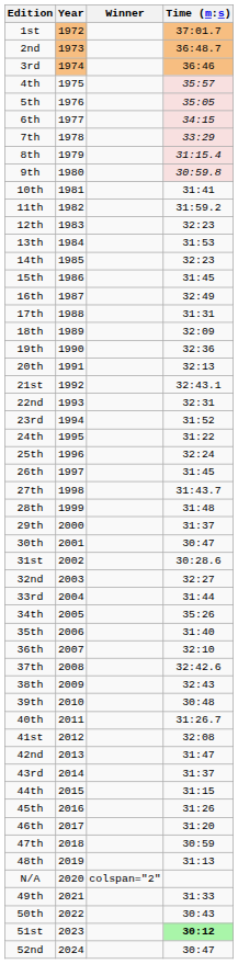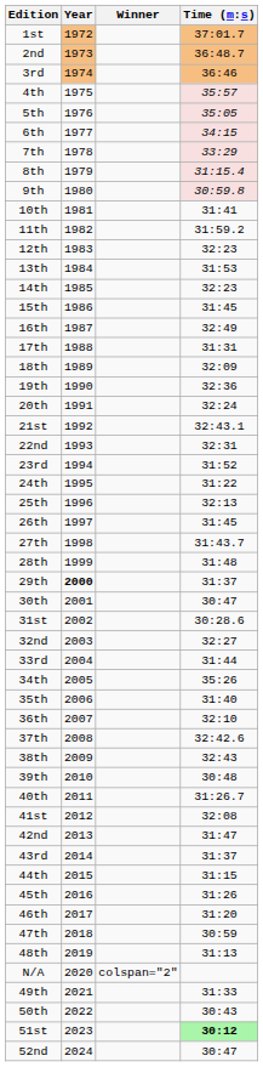 <table class="wikitable sortable" style="text-align:center">
 <tr>
 <th class=unsortable>Edition</th>
 <th>Year</th>
 <th class=unsortable>Winner</th>
 <th>Time (<a href='#'>m</a>:<a href='#'>s</a>)</th>
 </tr>
 <tr>
 <td>1st</td>
 <td bgcolor=#F7BE81>1972</td>
 <td align=left></td>
 <td bgcolor=#F7BE81>37:01.7</td>
 </tr>
 <tr>
 <td>2nd</td>
 <td bgcolor=#F7BE81>1973</td>
 <td align=left></td>
 <td bgcolor=#F7BE81>36:48.7</td>
 </tr>
 <tr>
 <td>3rd</td>
 <td bgcolor=#F7BE81>1974</td>
 <td align=left></td>
 <td bgcolor=#F7BE81>36:46</td>
 </tr>
 <tr>
 <td>4th</td>
 <td>1975</td>
 <td align=left></td>
 <td bgcolor=#F8E0E0><em>35:57</em></td>
 </tr>
 <tr>
 <td>5th</td>
 <td>1976</td>
 <td align=left></td>
 <td bgcolor=#F8E0E0><em>35:05</em></td>
 </tr>
 <tr>
 <td>6th</td>
 <td>1977</td>
 <td align=left></td>
 <td bgcolor=#F8E0E0><em>34:15</em></td>
 </tr>
 <tr>
 <td>7th</td>
 <td>1978</td>
 <td align=left></td>
 <td bgcolor=#F8E0E0><em>33:29</em></td>
 </tr>
 <tr>
 <td>8th</td>
 <td>1979</td>
 <td align=left></td>
 <td bgcolor=#F8E0E0><em>31:15.4</em></td>
 </tr>
 <tr>
 <td>9th</td>
 <td>1980</td>
 <td align=left></td>
 <td bgcolor=#F8E0E0><em>30:59.8</em></td>
 </tr>
 <tr>
 <td>10th</td>
 <td>1981</td>
 <td align=left></td>
 <td>31:41</td>
 </tr>
 <tr>
 <td>11th</td>
 <td>1982</td>
 <td align=left></td>
 <td>31:59.2</td>
 </tr>
 <tr>
 <td>12th</td>
 <td>1983</td>
 <td align=left></td>
 <td>32:23</td>
 </tr>
 <tr>
 <td>13th</td>
 <td>1984</td>
 <td align=left></td>
 <td>31:53</td>
 </tr>
 <tr>
 <td>14th</td>
 <td>1985</td>
 <td align=left></td>
 <td>32:23</td>
 </tr>
 <tr>
 <td>15th</td>
 <td>1986</td>
 <td align=left></td>
 <td>31:45</td>
 </tr>
 <tr>
 <td>16th</td>
 <td>1987</td>
 <td align=left></td>
 <td>32:49</td>
 </tr>
 <tr>
 <td>17th</td>
 <td>1988</td>
 <td align=left></td>
 <td>31:31</td>
 </tr>
 <tr>
 <td>18th</td>
 <td>1989</td>
 <td align=left></td>
 <td>32:09</td>
 </tr>
 <tr>
 <td>19th</td>
 <td>1990</td>
 <td align=left></td>
 <td>32:36</td>
 </tr>
 <tr>
 <td>20th</td>
 <td>1991</td>
 <td align=left></td>
-<td>32:13</td>
+<td>32:24</td>
 </tr>
 <tr>
 <td>21st</td>
 <td>1992</td>
 <td align=left></td>
 <td>32:43.1</td>
 </tr>
 <tr>
 <td>22nd</td>
 <td>1993</td>
 <td align=left></td>
 <td>32:31</td>
 </tr>
 <tr>
 <td>23rd</td>
 <td>1994</td>
 <td align=left></td>
 <td>31:52</td>
 </tr>
 <tr>
 <td>24th</td>
 <td>1995</td>
 <td align=left></td>
 <td>31:22</td>
 </tr>
 <tr>
 <td>25th</td>
 <td>1996</td>
 <td align=left></td>
-<td>32:24</td>
+<td>32:13</td>
 </tr>
 <tr>
 <td>26th</td>
 <td>1997</td>
 <td align=left></td>
 <td>31:45</td>
 </tr>
 <tr>
 <td>27th</td>
 <td>1998</td>
 <td align=left></td>
 <td>31:43.7</td>
 </tr>
 <tr>
 <td>28th</td>
 <td>1999</td>
 <td align=left></td>
 <td>31:48</td>
 </tr>
 <tr>
 <td>29th</td>
-<td>2000</td>
+<td><strong>2000</strong></td>
 <td align=left></td>
 <td>31:37</td>
 </tr>
 <tr>
 <td>30th</td>
 <td>2001</td>
 <td align=left></td>
 <td>30:47</td>
 </tr>
 <tr>
 <td>31st</td>
 <td>2002</td>
 <td align=left></td>
 <td>30:28.6</td>
 </tr>
 <tr>
 <td>32nd</td>
 <td>2003</td>
 <td align=left></td>
 <td>32:27</td>
 </tr>
 <tr>
 <td>33rd</td>
 <td>2004</td>
 <td align=left></td>
 <td>31:44</td>
 </tr>
 <tr>
 <td>34th</td>
 <td>2005</td>
 <td align=left></td>
 <td>35:26</td>
 </tr>
 <tr>
 <td>35th</td>
 <td>2006</td>
 <td align=left></td>
 <td>31:40</td>
 </tr>
 <tr>
 <td>36th</td>
 <td>2007</td>
 <td align=left></td>
 <td>32:10</td>
 </tr>
 <tr>
 <td>37th</td>
 <td>2008</td>
 <td align=left></td>
 <td>32:42.6</td>
 </tr>
 <tr>
 <td>38th</td>
 <td>2009</td>
 <td align=left></td>
 <td>32:43</td>
 </tr>
 <tr>
 <td>39th</td>
 <td>2010</td>
 <td align=left></td>
 <td>30:48</td>
 </tr>
 <tr>
 <td>40th</td>
 <td>2011</td>
 <td align=left></td>
 <td>31:26.7</td>
 </tr>
 <tr>
 <td>41st</td>
 <td>2012</td>
 <td align=left></td>
 <td>32:08</td>
 </tr>
 <tr>
 <td>42nd</td>
 <td>2013</td>
 <td align=left></td>
 <td>31:47</td>
 </tr>
 <tr>
 <td>43rd</td>
 <td>2014</td>
 <td align=left></td>
 <td>31:37</td>
 </tr>
 <tr>
 <td>44th</td>
 <td>2015</td>
 <td align=left></td>
 <td>31:15</td>
 </tr>
 <tr>
 <td>45th</td>
 <td>2016</td>
 <td align=left></td>
 <td>31:26</td>
 </tr>
 <tr>
 <td>46th</td>
 <td>2017</td>
 <td align=left></td>
 <td>31:20</td>
 </tr>
 <tr>
 <td>47th</td>
 <td>2018</td>
 <td align=left></td>
 <td>30:59</td>
 </tr>
 <tr>
 <td>48th</td>
 <td>2019</td>
 <td align=left></td>
 <td>31:13</td>
 </tr>
 <tr>
 <td>N/A</td>
 <td>2020</td>
 <td>colspan="2" </td>
 </tr>
 <tr>
 <td>49th</td>
 <td>2021</td>
 <td align=left></td>
 <td>31:33</td>
 </tr>
 <tr>
 <td>50th</td>
 <td>2022</td>
 <td align=left></td>
 <td>30:43</td>
 </tr>
 <tr>
 <td>51st</td>
 <td>2023</td>
 <td align=left></td>
 <td bgcolor=#A9F5A9><strong>30:12</strong></td>
 </tr>
 <tr>
 <td>52nd</td>
 <td>2024</td>
 <td align=left></td>
 <td>30:47</td>
 </tr>
 </table>
